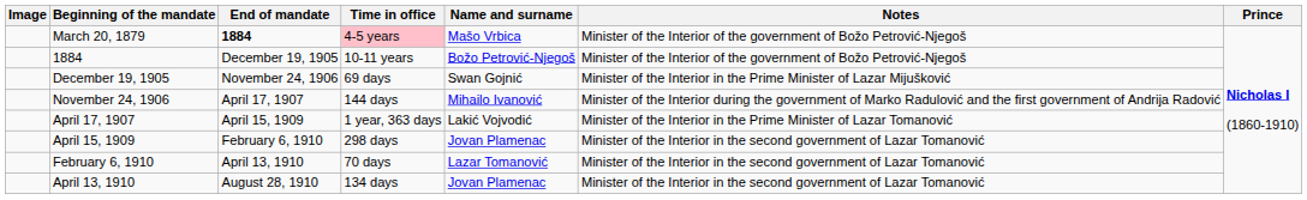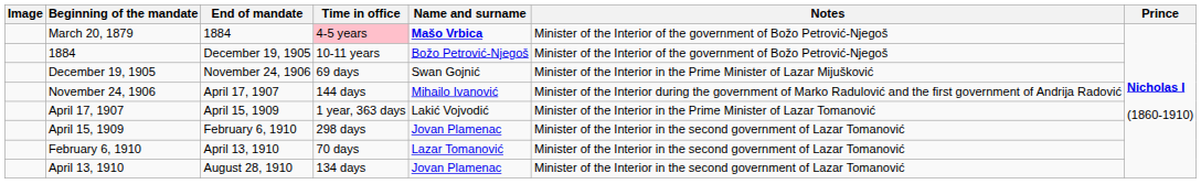 <table class="wikitable">
 <tr>
 <th>Image</th>
 <th>Beginning of the mandate</th>
 <th>End of mandate</th>
 <th>Time in office</th>
 <th>Name and surname</th>
 <th>Notes</th>
 <th>Prince</th>
 </tr>
 <tr>
 <td></td>
 <td>March 20, 1879</td>
-<td><strong>1884</strong></td>
+<td>1884</td>
 <td style="background: pink;">4-5 years</td>
-<td><a href='#'>Mašo Vrbica</a></td>
+<td><strong><a href='#'>Mašo Vrbica</a></strong></td>
 <td>Minister of the Interior of the government of Božo Petrović-Njegoš</td>
 <td rowspan="8"><strong><a href='#'>Nicholas I</a></strong><br><br>(1860-1910)</td>
 </tr>
 <tr>
 <td></td>
 <td>1884</td>
 <td>December 19, 1905</td>
 <td>10-11 years</td>
 <td><a href='#'>Božo Petrović-Njegoš</a></td>
 <td>Minister of the Interior of the government of Božo Petrović-Njegoš</td>
 </tr>
 <tr>
 <td></td>
 <td>December 19, 1905</td>
 <td>November 24, 1906</td>
 <td>69 days</td>
 <td>Swan Gojnić</td>
 <td>Minister of the Interior in the Prime Minister of Lazar Mijušković</td>
 </tr>
 <tr>
 <td></td>
 <td>November 24, 1906</td>
 <td>April 17, 1907</td>
 <td>144 days</td>
 <td><a href='#'>Mihailo Ivanović</a></td>
 <td>Minister of the Interior during the government of Marko Radulović and the first government of Andrija Radović</td>
 </tr>
 <tr>
 <td></td>
 <td>April 17, 1907</td>
 <td>April 15, 1909</td>
 <td>1 year, 363 days</td>
 <td>Lakić Vojvodić</td>
 <td>Minister of the Interior in the Prime Minister of Lazar Tomanović</td>
 </tr>
 <tr>
 <td></td>
 <td>April 15, 1909</td>
 <td>February 6, 1910</td>
 <td>298 days</td>
 <td><a href='#'>Jovan Plamenac</a></td>
 <td>Minister of the Interior in the second government of Lazar Tomanović</td>
 </tr>
 <tr>
 <td></td>
 <td>February 6, 1910</td>
 <td>April 13, 1910</td>
 <td>70 days</td>
 <td><a href='#'>Lazar Tomanović</a></td>
 <td>Minister of the Interior in the second government of Lazar Tomanović</td>
 </tr>
 <tr>
 <td></td>
 <td>April 13, 1910</td>
 <td>August 28, 1910</td>
 <td>134 days</td>
 <td><a href='#'>Jovan Plamenac</a></td>
 <td>Minister of the Interior in the second government of Lazar Tomanović</td>
 </tr>
 </table>
